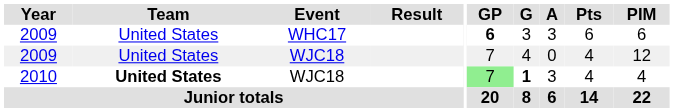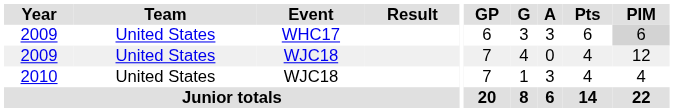 <table border="0" cellpadding="1" cellspacing="0" ID="Table3" style="text-align:center; width:40em">
 <tr ALIGN="center" bgcolor="#e0e0e0">
 <th>Year</th>
 <th>Team</th>
 <th>Event</th>
 <th>Result</th>
 <th rowspan="99" bgcolor="#ffffff"></th>
 <th>GP</th>
 <th>G</th>
 <th>A</th>
 <th>Pts</th>
 <th>PIM</th>
 </tr>
 <tr>
 <td><a href='#'>2009</a></td>
 <td><a href='#'>United States</a></td>
 <td><a href='#'>WHC17</a></td>
 <td></td>
-<td><strong>6</strong></td>
+<td>6</td>
 <td>3</td>
 <td>3</td>
 <td>6</td>
-<td>6</td>
+<td style="background: lightgrey;">6</td>
 </tr>
 <tr bgcolor="#f0f0f0">
 <td><a href='#'>2009</a></td>
 <td><a href='#'>United States</a></td>
 <td><a href='#'>WJC18</a></td>
 <td></td>
 <td>7</td>
 <td>4</td>
 <td>0</td>
 <td>4</td>
 <td>12</td>
 </tr>
 <tr>
 <td><a href='#'>2010</a></td>
-<td><strong>United States</strong></td>
+<td>United States</td>
 <td>WJC18</td>
 <td></td>
-<td style="background: lightgreen;">7</td>
-<td><strong>1</strong></td>
+<td>7</td>
+<td>1</td>
 <td>3</td>
 <td>4</td>
 <td>4</td>
 </tr>
 <tr bgcolor="#e0e0e0">
 <th colspan=4>Junior totals</th>
 <th>20</th>
 <th>8</th>
 <th>6</th>
 <th>14</th>
 <th>22</th>
 </tr>
 </table>
